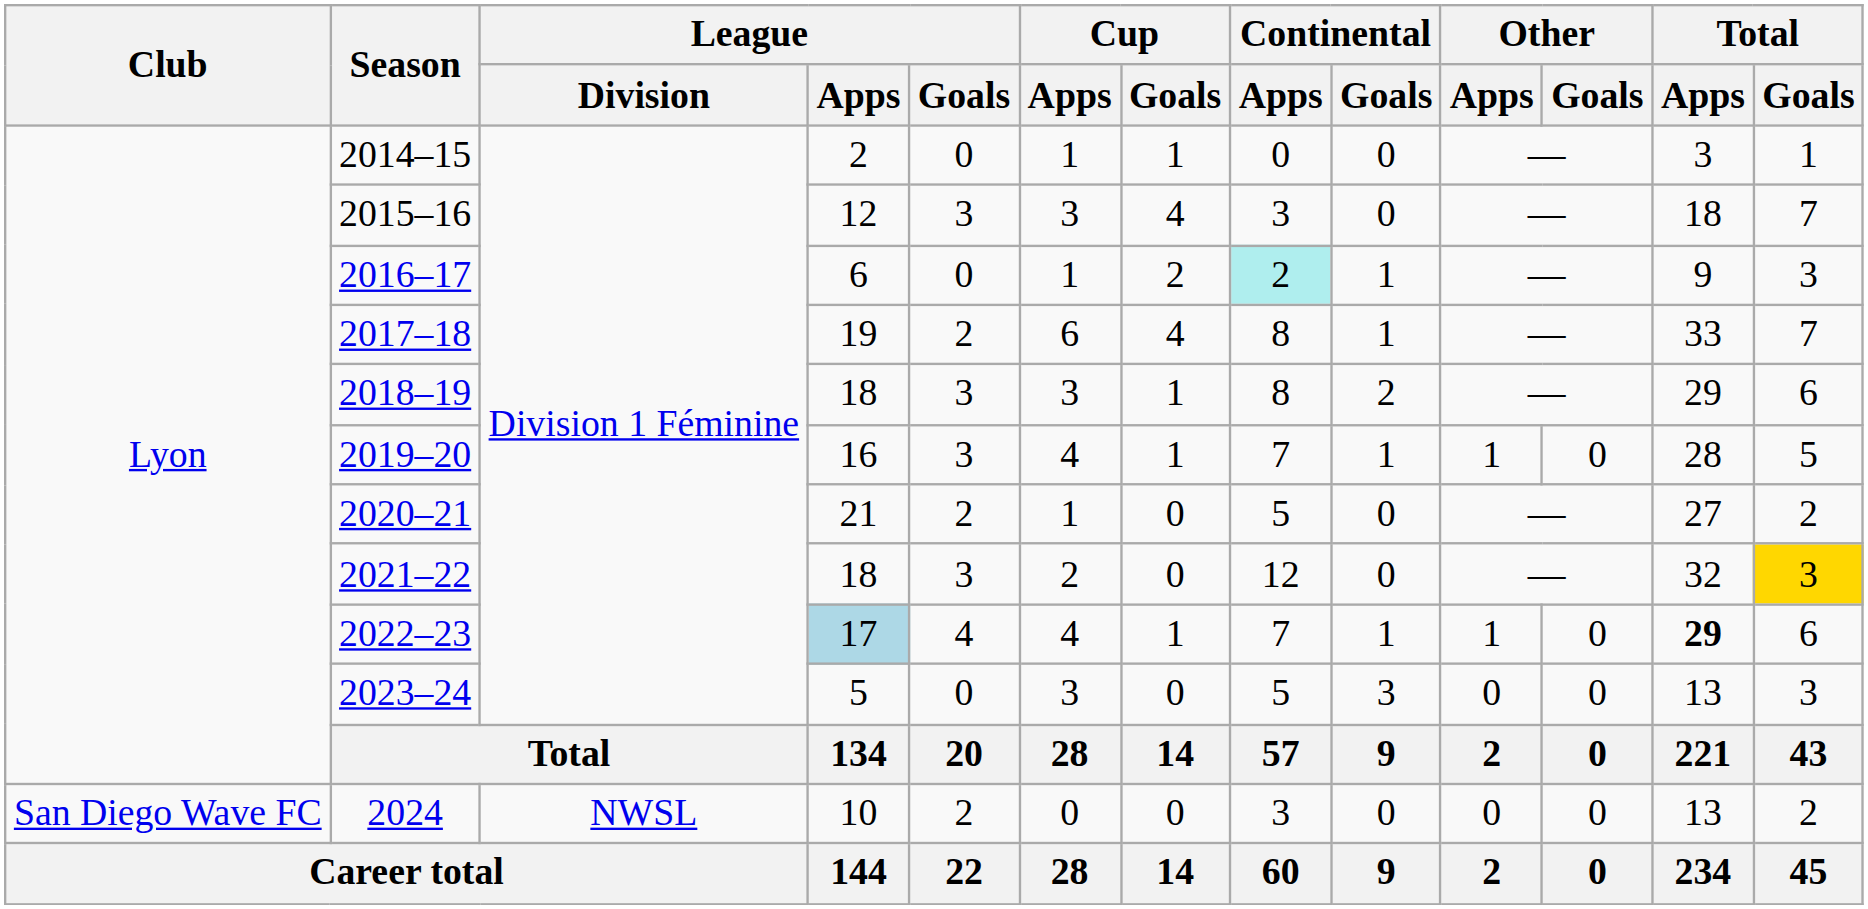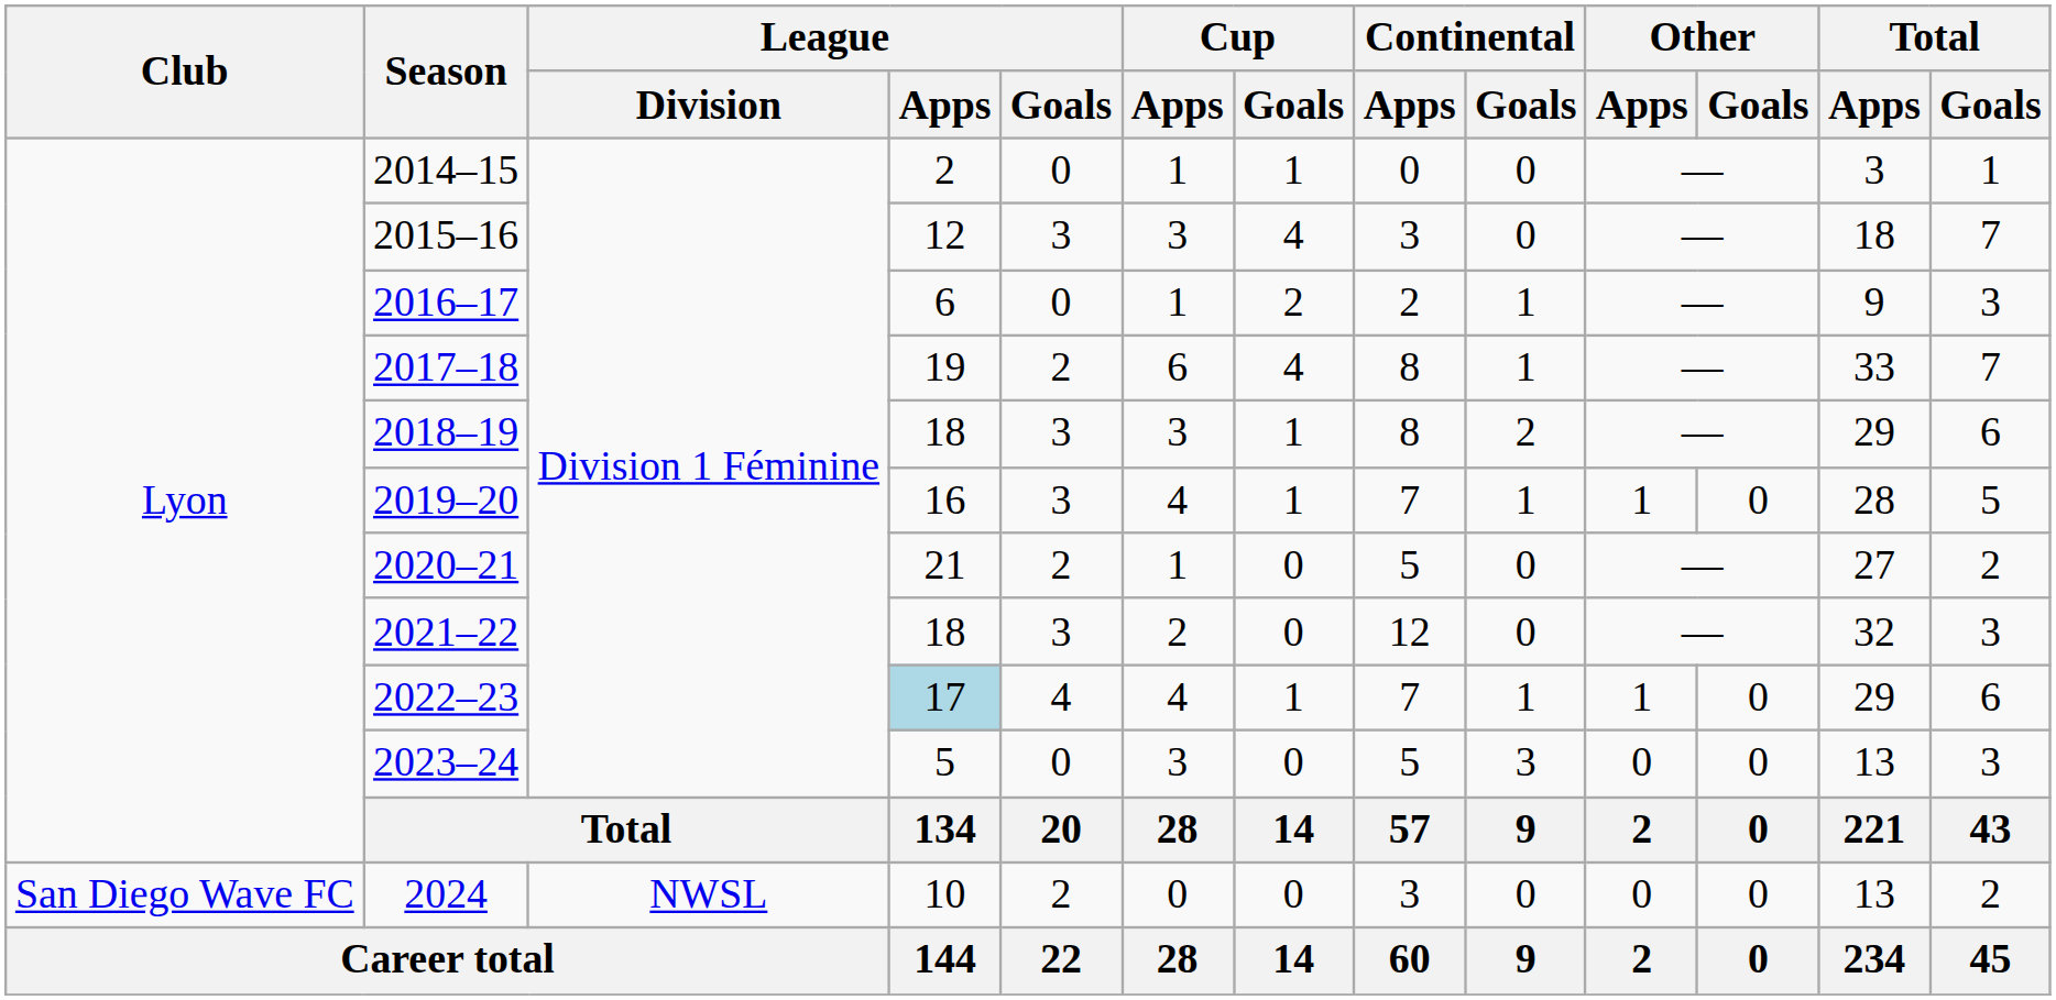 <table class="wikitable" style="text-align: center;">
 <tr>
 <th rowspan="2">Club</th>
 <th rowspan="2">Season</th>
 <th colspan="3">League</th>
 <th colspan="2">Cup</th>
 <th colspan="2">Continental</th>
 <th colspan="2">Other</th>
 <th colspan="2">Total</th>
 </tr>
 <tr>
 <th>Division</th>
 <th>Apps</th>
 <th>Goals</th>
 <th>Apps</th>
 <th>Goals</th>
 <th>Apps</th>
 <th>Goals</th>
 <th>Apps</th>
 <th>Goals</th>
 <th>Apps</th>
 <th>Goals</th>
 </tr>
 <tr>
 <td rowspan="11"><a href='#'>Lyon</a></td>
 <td>2014–15</td>
 <td rowspan="10"><a href='#'>Division 1 Féminine</a></td>
 <td>2</td>
 <td>0</td>
 <td>1</td>
 <td>1</td>
 <td>0</td>
 <td>0</td>
 <td colspan="2">—</td>
 <td>3</td>
 <td>1</td>
 </tr>
 <tr>
 <td>2015–16</td>
 <td>12</td>
 <td>3</td>
 <td>3</td>
 <td>4</td>
 <td>3</td>
 <td>0</td>
 <td colspan="2">—</td>
 <td>18</td>
 <td>7</td>
 </tr>
 <tr>
 <td><a href='#'>2016–17</a></td>
 <td>6</td>
 <td>0</td>
 <td>1</td>
 <td>2</td>
-<td style="background: paleturquoise;">2</td>
+<td>2</td>
 <td>1</td>
 <td colspan="2">—</td>
 <td>9</td>
 <td>3</td>
 </tr>
 <tr>
 <td><a href='#'>2017–18</a></td>
 <td>19</td>
 <td>2</td>
 <td>6</td>
 <td>4</td>
 <td>8</td>
 <td>1</td>
 <td colspan="2">—</td>
 <td>33</td>
 <td>7</td>
 </tr>
 <tr>
 <td><a href='#'>2018–19</a></td>
 <td>18</td>
 <td>3</td>
 <td>3</td>
 <td>1</td>
 <td>8</td>
 <td>2</td>
 <td colspan="2">—</td>
 <td>29</td>
 <td>6</td>
 </tr>
 <tr>
 <td><a href='#'>2019–20</a></td>
 <td>16</td>
 <td>3</td>
 <td>4</td>
 <td>1</td>
 <td>7</td>
 <td>1</td>
 <td>1</td>
 <td>0</td>
 <td>28</td>
 <td>5</td>
 </tr>
 <tr>
 <td><a href='#'>2020–21</a></td>
 <td>21</td>
 <td>2</td>
 <td>1</td>
 <td>0</td>
 <td>5</td>
 <td>0</td>
 <td colspan="2">—</td>
 <td>27</td>
 <td>2</td>
 </tr>
 <tr>
 <td><a href='#'>2021–22</a></td>
 <td>18</td>
 <td>3</td>
 <td>2</td>
 <td>0</td>
 <td>12</td>
 <td>0</td>
 <td colspan="2">—</td>
 <td>32</td>
-<td style="background: gold;">3</td>
+<td>3</td>
 </tr>
 <tr>
 <td><a href='#'>2022–23</a></td>
 <td style="background: lightblue;">17</td>
 <td>4</td>
 <td>4</td>
 <td>1</td>
 <td>7</td>
 <td>1</td>
 <td>1</td>
 <td>0</td>
-<td><strong>29</strong></td>
+<td>29</td>
 <td>6</td>
 </tr>
 <tr>
 <td><a href='#'>2023–24</a></td>
 <td>5</td>
 <td>0</td>
 <td>3</td>
 <td>0</td>
 <td>5</td>
 <td>3</td>
 <td>0</td>
 <td>0</td>
 <td>13</td>
 <td>3</td>
 </tr>
 <tr>
 <th colspan="2">Total</th>
 <th>134</th>
 <th>20</th>
 <th>28</th>
 <th>14</th>
 <th>57</th>
 <th>9</th>
 <th>2</th>
 <th>0</th>
 <th>221</th>
 <th>43</th>
 </tr>
 <tr>
 <td><a href='#'>San Diego Wave FC</a></td>
 <td><a href='#'>2024</a></td>
 <td><a href='#'>NWSL</a></td>
 <td>10</td>
 <td>2</td>
 <td>0</td>
 <td>0</td>
 <td>3</td>
 <td>0</td>
 <td>0</td>
 <td>0</td>
 <td>13</td>
 <td>2</td>
 </tr>
 <tr>
 <th colspan="3">Career total</th>
 <th>144</th>
 <th>22</th>
 <th>28</th>
 <th>14</th>
 <th>60</th>
 <th>9</th>
 <th>2</th>
 <th>0</th>
 <th>234</th>
 <th>45</th>
 </tr>
 </table>
